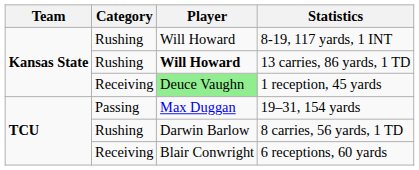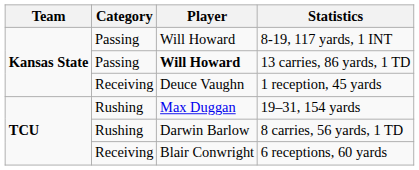 <table class="wikitable" style="float: right;">
 <tr>
 <th>Team</th>
 <th>Category</th>
 <th>Player</th>
 <th>Statistics</th>
 </tr>
 <tr>
 <td rowspan=3><strong>Kansas State</strong></td>
-<td>Rushing</td>
+<td>Passing</td>
 <td>Will Howard</td>
 <td>8-19, 117 yards, 1 INT</td>
 </tr>
 <tr>
-<td>Rushing</td>
+<td>Passing</td>
 <td><strong>Will Howard</strong></td>
 <td>13 carries, 86 yards, 1 TD</td>
 </tr>
 <tr>
 <td>Receiving</td>
-<td style="background: lightgreen;">Deuce Vaughn</td>
+<td>Deuce Vaughn</td>
 <td>1 reception, 45 yards</td>
 </tr>
 <tr>
 <td rowspan=3><strong>TCU</strong></td>
-<td>Passing</td>
+<td>Rushing</td>
 <td><a href='#'>Max Duggan</a></td>
 <td>19–31, 154 yards</td>
 </tr>
 <tr>
 <td>Rushing</td>
 <td>Darwin Barlow</td>
 <td>8 carries, 56 yards, 1 TD</td>
 </tr>
 <tr>
 <td>Receiving</td>
 <td>Blair Conwright</td>
 <td>6 receptions, 60 yards</td>
 </tr>
 </table>
